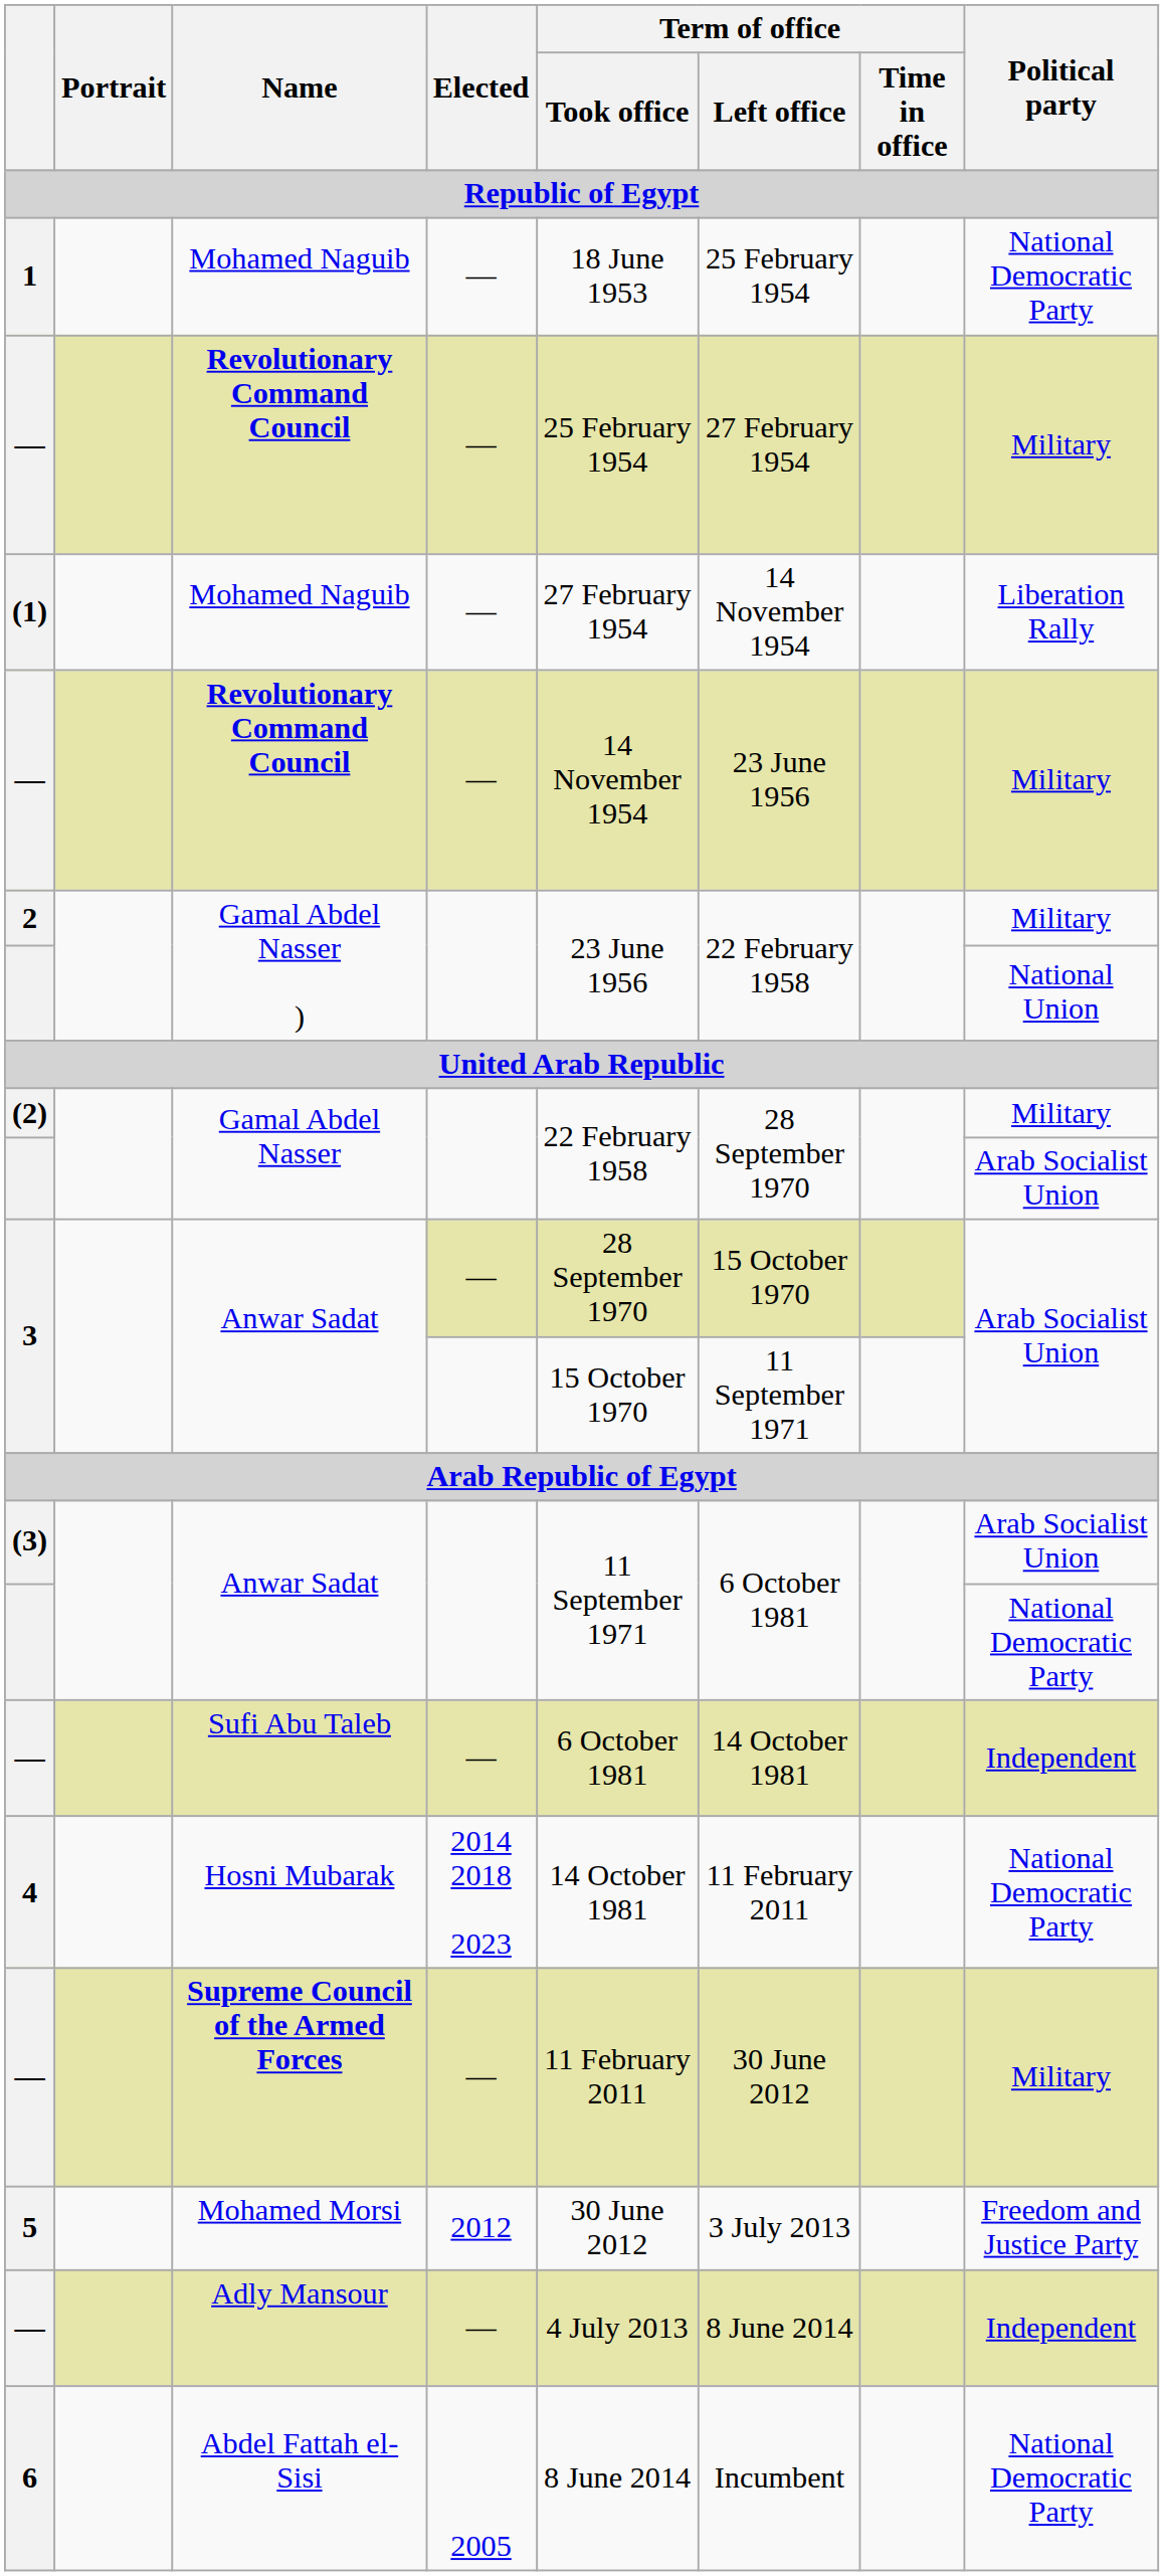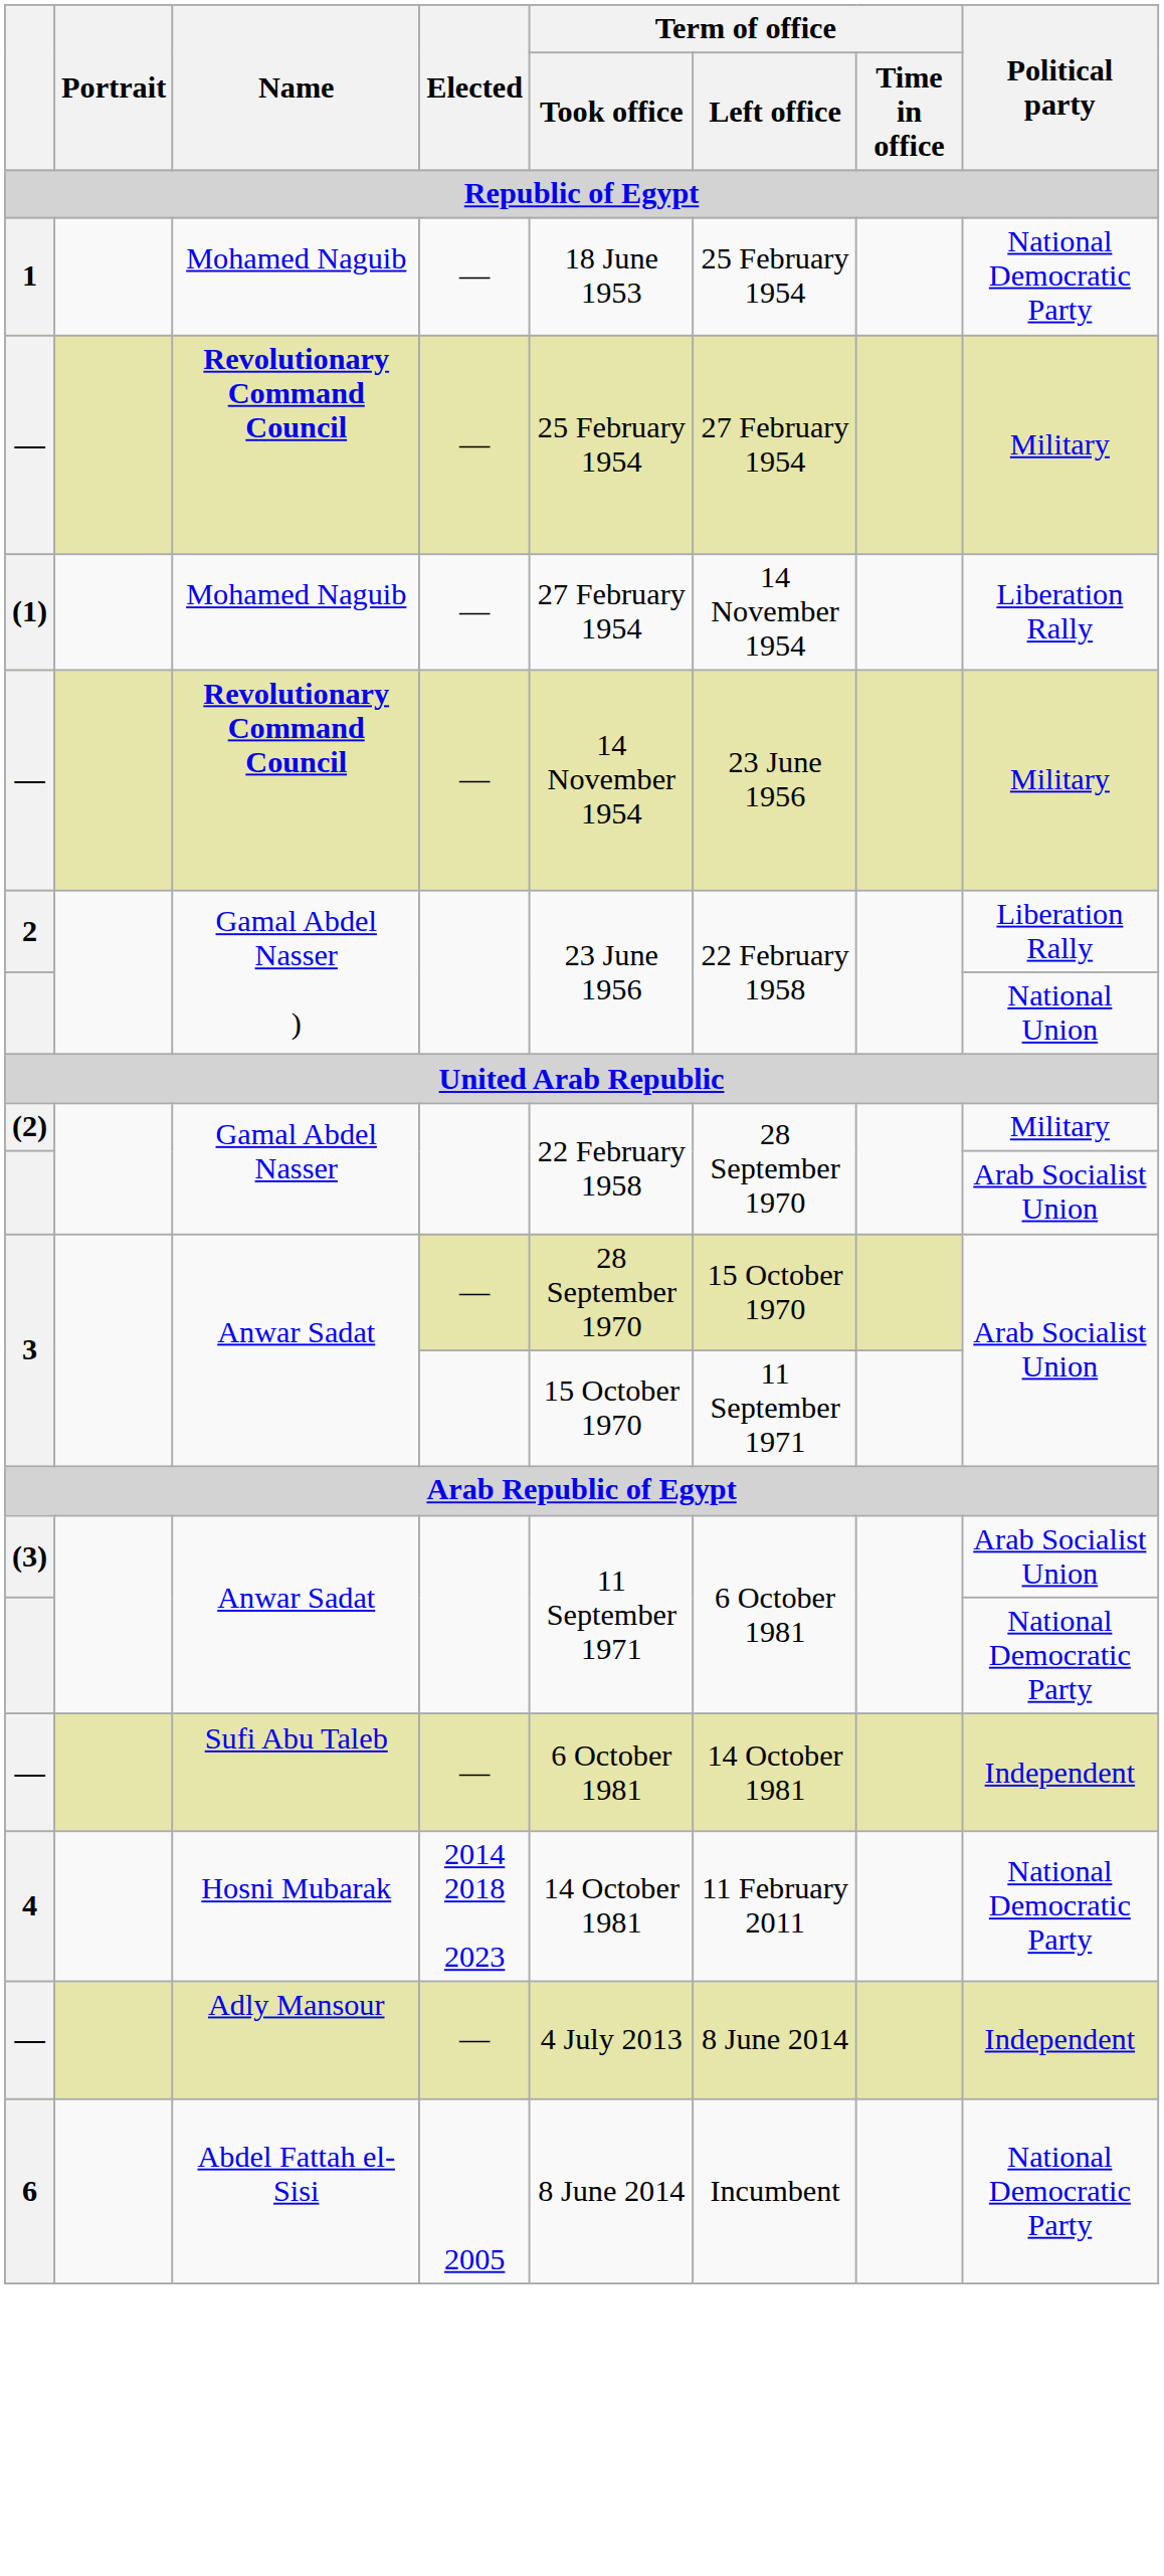 <table class="wikitable" style="text-align:center">
 <tr>
 <th rowspan="2"></th>
 <th rowspan="2">Portrait</th>
 <th rowspan="2">Name<br></th>
 <th rowspan="2">Elected</th>
 <th colspan="3">Term of office</th>
 <th rowspan="2">Political party</th>
 </tr>
 <tr>
 <th>Took office</th>
 <th>Left office</th>
 <th>Time in office</th>
 </tr>
 <tr bgcolor="lightgrey">
 <td colspan="8"> <strong><a href='#'>Republic of Egypt</a></strong> <br></td>
 </tr>
 <tr>
 <th style="background:">1</th>
 <td></td>
 <td><a href='#'>Mohamed Naguib</a><br><br></td>
 <td>—</td>
 <td>18 June 1953</td>
 <td>25 February 1954<br></td>
 <td></td>
 <td><a href='#'>National Democratic Party</a></td>
 </tr>
 <tr style="background:#E6E6AA">
 <th style="background:">—</th>
 <td></td>
 <td><strong><a href='#'>Revolutionary Command Council</a></strong><br><br><br><br></td>
 <td>—</td>
 <td>25 February 1954</td>
 <td>27 February 1954</td>
 <td></td>
 <td><a href='#'>Military</a></td>
 </tr>
 <tr>
 <th style="background:">(1)</th>
 <td></td>
 <td><a href='#'>Mohamed Naguib</a><br><br></td>
 <td>—</td>
 <td>27 February 1954</td>
 <td>14 November 1954<br></td>
 <td></td>
 <td><a href='#'>Liberation Rally</a><br></td>
 </tr>
 <tr style="background:#E6E6AA">
 <th style="background:">—</th>
 <td></td>
 <td><strong><a href='#'>Revolutionary Command Council</a></strong><br><br><br><br></td>
 <td>—</td>
 <td>14 November 1954</td>
 <td>23 June 1956</td>
 <td></td>
 <td><a href='#'>Military</a></td>
 </tr>
 <tr>
 <th style="background:">2</th>
 <td rowspan="2"></td>
 <td rowspan="2"><a href='#'>Gamal Abdel Nasser</a><br><br>)</td>
 <td rowspan="2"></td>
 <td rowspan="2">23 June 1956</td>
 <td rowspan="2">22 February 1958</td>
 <td rowspan="2"></td>
-<td><a href='#'>Military</a></td>
+<td><a href='#'>Liberation Rally</a><br></td>
 </tr>
 <tr>
 <th style="background:"></th>
 <td><a href='#'>National Union</a></td>
 </tr>
 <tr bgcolor="lightgrey">
 <td colspan="8"> <strong><a href='#'>United Arab Republic</a></strong> <br></td>
 </tr>
 <tr>
 <th style="background:">(2)</th>
 <td rowspan="2"></td>
 <td rowspan="2"><a href='#'>Gamal Abdel Nasser</a><br><br></td>
 <td rowspan="2"><br></td>
 <td rowspan="2">22 February 1958</td>
 <td rowspan="2">28 September 1970</td>
 <td rowspan="2"></td>
 <td><a href='#'>Military</a></td>
 </tr>
 <tr>
 <th style="background:"></th>
 <td><a href='#'>Arab Socialist Union</a></td>
 </tr>
 <tr>
 <th rowspan="2" style="background:">3</th>
 <td rowspan="2"></td>
 <td rowspan="2"><a href='#'>Anwar Sadat</a><br><br></td>
 <td style="background:#E6E6AA">—</td>
 <td style="background:#E6E6AA">28 September 1970</td>
 <td style="background:#E6E6AA">15 October 1970</td>
 <td style="background:#E6E6AA"></td>
 <td rowspan="2"><a href='#'>Arab Socialist Union</a></td>
 </tr>
 <tr>
 <td></td>
 <td>15 October 1970</td>
 <td>11 September 1971</td>
 <td></td>
 </tr>
 <tr bgcolor="lightgrey">
 <td colspan="8"> <strong><a href='#'>Arab Republic of Egypt</a></strong> <br></td>
 </tr>
 <tr>
 <th style="background:">(3)</th>
 <td rowspan="2"></td>
 <td rowspan="2"><a href='#'>Anwar Sadat</a><br><br></td>
 <td rowspan="2"></td>
 <td rowspan="2">11 September 1971</td>
 <td rowspan="2">6 October 1981<br></td>
 <td rowspan="2"></td>
 <td><a href='#'>Arab Socialist Union</a><br></td>
 </tr>
 <tr>
 <th style="background:"></th>
 <td><a href='#'>National Democratic Party</a></td>
 </tr>
 <tr style="background:#E6E6AA">
 <th style="background:">—</th>
 <td></td>
 <td><a href='#'>Sufi Abu Taleb</a><br><br><br></td>
 <td>—</td>
 <td>6 October 1981</td>
 <td>14 October 1981</td>
 <td></td>
 <td><a href='#'>Independent</a></td>
 </tr>
 <tr>
 <th style="background:">4</th>
 <td></td>
 <td><a href='#'>Hosni Mubarak</a><br><br></td>
 <td><a href='#'>2014</a><br><a href='#'>2018</a><br><br><a href='#'>2023</a></td>
 <td>14 October 1981</td>
 <td>11 February 2011<br></td>
 <td></td>
 <td><a href='#'>National Democratic Party</a></td>
 </tr>
 <tr style="background:#E6E6AA">
 <th style="background:">—</th>
 <td></td>
-<td><strong><a href='#'>Supreme Council of the Armed Forces</a></strong><br><br><br><br></td>
-<td>—</td>
-<td>11 February 2011</td>
-<td>30 June 2012</td>
-<td></td>
-<td><a href='#'>Military</a></td>
-</tr>
-<tr>
-<th style="background:">5</th>
-<td></td>
-<td><a href='#'>Mohamed Morsi</a><br><br></td>
-<td><a href='#'>2012</a></td>
-<td>30 June 2012</td>
-<td>3 July 2013<br></td>
-<td></td>
-<td><a href='#'>Freedom and Justice Party</a></td>
-</tr>
-<tr style="background:#E6E6AA">
-<th style="background:">—</th>
-<td></td>
 <td><a href='#'>Adly Mansour</a><br><br><br></td>
 <td>—</td>
 <td>4 July 2013</td>
 <td>8 June 2014</td>
 <td></td>
 <td><a href='#'>Independent</a></td>
 </tr>
 <tr>
 <th style="background:">6</th>
 <td></td>
 <td><a href='#'>Abdel Fattah el-Sisi</a><br><br></td>
 <td><br><br><br><br><a href='#'>2005</a></td>
 <td>8 June 2014</td>
 <td>Incumbent</td>
 <td></td>
 <td><a href='#'>National Democratic Party</a></td>
 </tr>
 </table>
